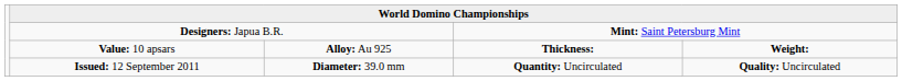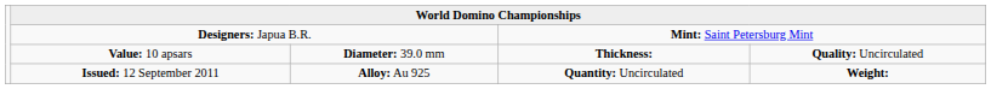 <table class="wikitable" width="100%">
 <tr>
 <td rowspan=4 width="330px" nowrap align=center><br> </td>
 <th colspan="4" align=center  style="background:#eeeeee;">World Domino Championships</th>
 </tr>
 <tr>
 <td colspan="2" width="50%" align=center><strong>Designers:</strong> Japua B.R.</td>
 <td colspan="2" width="50%" align=center><strong>Mint:</strong> <a href='#'>Saint Petersburg Mint</a></td>
 </tr>
 <tr>
 <td align=center><strong>Value:</strong> 10 apsars</td>
-<td align=center><strong>Alloy:</strong> Au 925</td>
+<td align=center><strong>Diameter:</strong> 39.0 mm</td>
 <td align=center><strong>Thickness:</strong></td>
-<td align=center><strong>Weight:</strong></td>
+<td align=center><strong>Quality:</strong> Uncirculated</td>
 </tr>
 <tr>
 <td align=center><strong>Issued:</strong> 12 September 2011</td>
-<td align=center><strong>Diameter:</strong> 39.0 mm</td>
+<td align=center><strong>Alloy:</strong> Au 925</td>
 <td align=center><strong>Quantity:</strong> Uncirculated</td>
-<td align=center><strong>Quality:</strong> Uncirculated</td>
+<td align=center><strong>Weight:</strong></td>
 </tr>
 </table>
